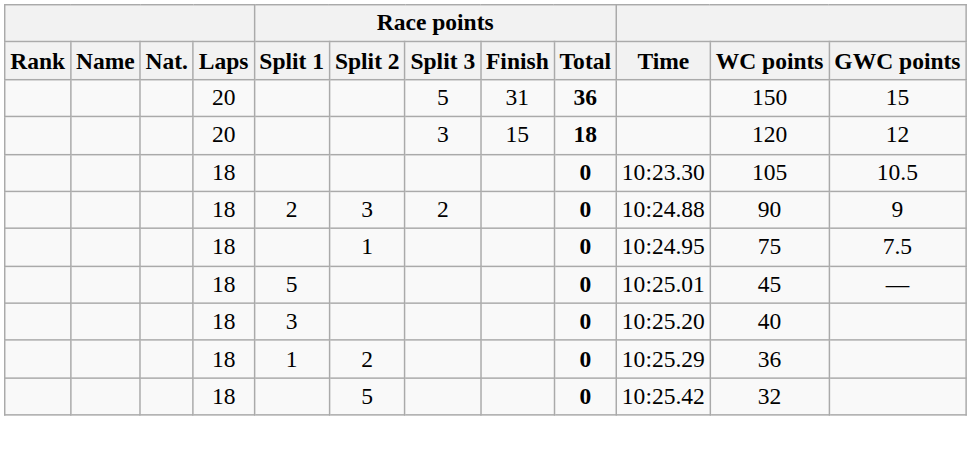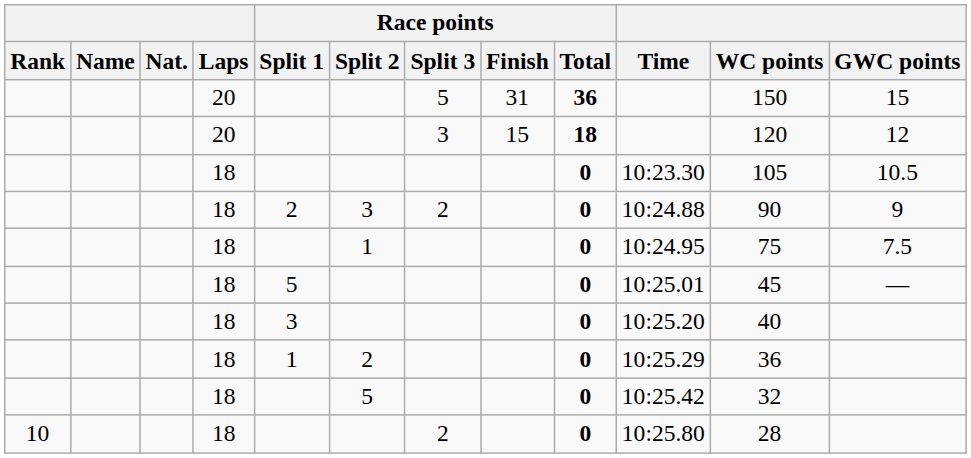 <table class="wikitable sortable" style="text-align:center">
 <tr>
 <th colspan=4></th>
 <th colspan=5>Race points</th>
 <th colspan=3></th>
 </tr>
 <tr>
 <th>Rank</th>
 <th>Name</th>
 <th>Nat.</th>
 <th>Laps</th>
 <th>Split 1</th>
 <th>Split 2</th>
 <th>Split 3</th>
 <th>Finish</th>
 <th>Total</th>
 <th>Time</th>
 <th>WC points</th>
 <th>GWC points</th>
 </tr>
 <tr>
 <td></td>
 <td align=left></td>
 <td></td>
 <td>20</td>
 <td></td>
 <td></td>
 <td>5</td>
 <td>31</td>
 <td><strong>36</strong></td>
 <td></td>
 <td>150</td>
 <td>15</td>
 </tr>
 <tr>
 <td></td>
 <td align=left></td>
 <td></td>
 <td>20</td>
 <td></td>
 <td></td>
 <td>3</td>
 <td>15</td>
 <td><strong>18</strong></td>
 <td></td>
 <td>120</td>
 <td>12</td>
 </tr>
 <tr>
 <td></td>
 <td align=left></td>
 <td></td>
 <td>18</td>
 <td></td>
 <td></td>
 <td></td>
 <td></td>
 <td><strong>0</strong></td>
 <td>10:23.30</td>
 <td>105</td>
 <td>10.5</td>
 </tr>
 <tr>
 <td></td>
 <td align=left></td>
 <td></td>
 <td>18</td>
 <td>2</td>
 <td>3</td>
 <td>2</td>
 <td></td>
 <td><strong>0</strong></td>
 <td>10:24.88</td>
 <td>90</td>
 <td>9</td>
 </tr>
 <tr>
 <td></td>
 <td align=left></td>
 <td></td>
 <td>18</td>
 <td></td>
 <td>1</td>
 <td></td>
 <td></td>
 <td><strong>0</strong></td>
 <td>10:24.95</td>
 <td>75</td>
 <td>7.5</td>
 </tr>
 <tr>
 <td></td>
 <td align=left></td>
 <td></td>
 <td>18</td>
 <td>5</td>
 <td></td>
 <td></td>
 <td></td>
 <td><strong>0</strong></td>
 <td>10:25.01</td>
 <td>45</td>
 <td>—</td>
 </tr>
 <tr>
 <td></td>
 <td align=left></td>
 <td></td>
 <td>18</td>
 <td>3</td>
 <td></td>
 <td></td>
 <td></td>
 <td><strong>0</strong></td>
 <td>10:25.20</td>
 <td>40</td>
 <td></td>
 </tr>
 <tr>
 <td></td>
 <td align=left></td>
 <td></td>
 <td>18</td>
 <td>1</td>
 <td>2</td>
 <td></td>
 <td></td>
 <td><strong>0</strong></td>
 <td>10:25.29</td>
 <td>36</td>
 <td></td>
 </tr>
 <tr>
 <td></td>
 <td align=left></td>
 <td></td>
 <td>18</td>
 <td></td>
 <td>5</td>
 <td></td>
 <td></td>
 <td><strong>0</strong></td>
 <td>10:25.42</td>
 <td>32</td>
 <td></td>
 </tr>
+<tr>
+<td>10</td>
+<td align=left></td>
+<td></td>
+<td>18</td>
+<td></td>
+<td></td>
+<td>2</td>
+<td></td>
+<td><strong>0</strong></td>
+<td>10:25.80</td>
+<td>28</td>
+<td></td>
+</tr>
 </table>
